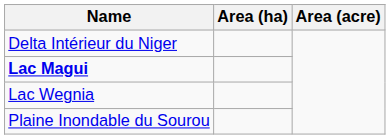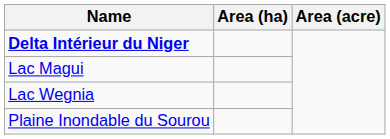 <table class="wikitable sortable">
 <tr>
 <th scope="col" align=left>Name</th>
 <th scope="col">Area (ha)</th>
 <th scope="col">Area (acre)</th>
 </tr>
 <tr ---->
-<td><a href='#'>Delta Intérieur du Niger</a></td>
+<td><strong><a href='#'>Delta Intérieur du Niger</a></strong></td>
 <td></td>
 </tr>
 <tr ---->
-<td><strong><a href='#'>Lac Magui</a></strong></td>
+<td><a href='#'>Lac Magui</a></td>
 <td></td>
 </tr>
 <tr ---->
 <td><a href='#'>Lac Wegnia</a></td>
 <td></td>
 </tr>
 <tr ---->
 <td><a href='#'>Plaine Inondable du Sourou</a></td>
 <td></td>
 </tr>
 </table>
